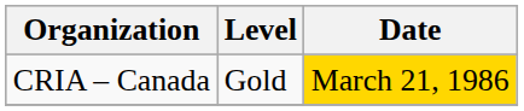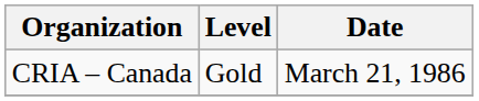 <table class="wikitable">
 <tr>
 <th align="left">Organization</th>
 <th align="left">Level</th>
 <th align="left">Date</th>
 </tr>
 <tr>
 <td align="left">CRIA – Canada</td>
 <td align="left">Gold</td>
-<td align="left" style="background: gold;">March 21, 1986</td>
+<td align="left">March 21, 1986</td>
 </tr>
 <tr>
 </tr>
 </table>
